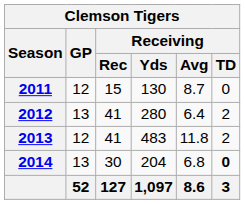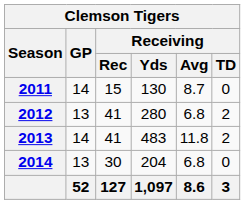 <table class="wikitable" style="text-align: center;">
 <tr>
 <th colspan="15">Clemson Tigers</th>
 </tr>
 <tr>
 <th rowspan="2">Season</th>
 <th rowspan="2">GP</th>
 <th colspan="4">Receiving</th>
 </tr>
 <tr>
 <th>Rec</th>
 <th>Yds</th>
 <th>Avg</th>
 <th>TD</th>
 </tr>
 <tr>
 <th><a href='#'>2011</a></th>
-<td>12</td>
+<td>14</td>
 <td>15</td>
 <td>130</td>
 <td>8.7</td>
 <td>0</td>
 </tr>
 <tr>
 <th><a href='#'>2012</a></th>
 <td>13</td>
 <td>41</td>
 <td>280</td>
-<td>6.4</td>
+<td>6.8</td>
 <td>2</td>
 </tr>
 <tr>
 <th><a href='#'>2013</a></th>
-<td>12</td>
+<td>14</td>
 <td>41</td>
 <td>483</td>
 <td>11.8</td>
 <td>2</td>
 </tr>
 <tr>
 <th><a href='#'>2014</a></th>
 <td>13</td>
 <td>30</td>
 <td>204</td>
 <td>6.8</td>
-<td><strong>0</strong></td>
+<td>0</td>
 </tr>
 <tr>
 <th></th>
 <th>52</th>
 <th>127</th>
 <th>1,097</th>
 <th>8.6</th>
 <th>3</th>
 </tr>
 </table>
